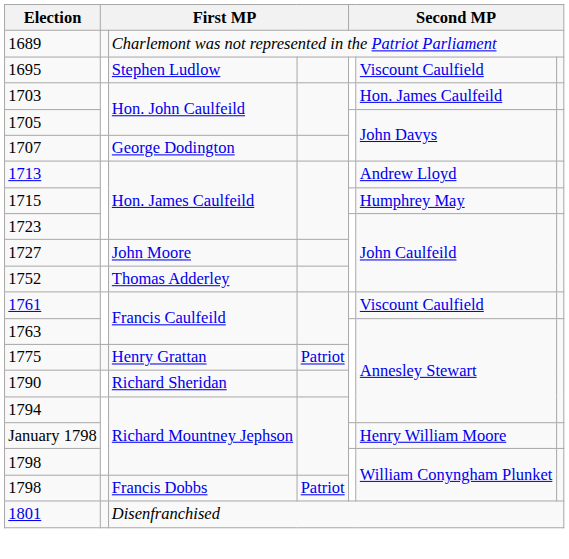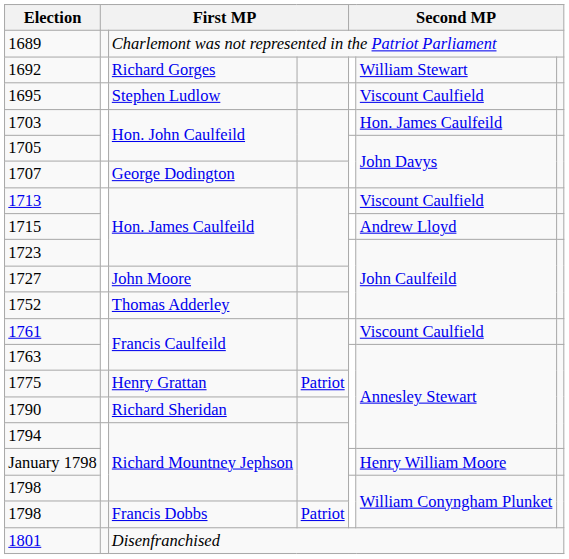 <table class="wikitable">
 <tr>
 <th>Election</th>
 <th colspan=3>First MP</th>
 <th colspan=3>Second MP</th>
 </tr>
 <tr>
 <td>1689</td>
 <td></td>
 <td colspan="5"><em>Charlemont was not represented in the <a href='#'>Patriot Parliament</a></em></td>
+</tr>
+<tr>
+<td>1692</td>
+<td style="background-color: white"></td>
+<td><a href='#'>Richard Gorges</a></td>
+<td></td>
+<td style="background-color: white"></td>
+<td><a href='#'>William Stewart</a></td>
+<td></td>
 </tr>
 <tr>
 <td>1695</td>
 <td style="background-color: white"></td>
 <td><a href='#'>Stephen Ludlow</a></td>
 <td></td>
 <td style="background-color: white"></td>
 <td><a href='#'>Viscount Caulfield</a></td>
 <td></td>
 </tr>
 <tr>
 <td>1703</td>
 <td rowspan="2" style="background-color: white"></td>
 <td rowspan="2"><a href='#'>Hon. John Caulfeild</a></td>
 <td rowspan="2"></td>
 <td style="background-color: white"></td>
 <td><a href='#'>Hon. James Caulfeild</a></td>
 <td></td>
 </tr>
 <tr>
 <td>1705</td>
 <td rowspan="2" style="background-color: white"></td>
 <td rowspan="2"><a href='#'>John Davys</a></td>
 <td rowspan="2"></td>
 </tr>
 <tr>
 <td>1707</td>
 <td style="background-color: white"></td>
 <td><a href='#'>George Dodington</a></td>
 <td></td>
 </tr>
 <tr>
 <td><a href='#'>1713</a></td>
 <td rowspan="3" style="background-color: white"></td>
 <td rowspan="3"><a href='#'>Hon. James Caulfeild</a></td>
 <td rowspan="3"></td>
 <td style="background-color: white"></td>
-<td><a href='#'>Andrew Lloyd</a></td>
+<td><a href='#'>Viscount Caulfield</a></td>
 <td></td>
 </tr>
 <tr>
 <td>1715</td>
 <td style="background-color: white"></td>
-<td><a href='#'>Humphrey May</a></td>
+<td><a href='#'>Andrew Lloyd</a></td>
 <td></td>
 </tr>
 <tr>
 <td>1723</td>
 <td rowspan="3" style="background-color: white"></td>
 <td rowspan="3"><a href='#'>John Caulfeild</a></td>
 <td rowspan="3"></td>
 </tr>
 <tr>
 <td>1727</td>
 <td style="background-color: white"></td>
 <td><a href='#'>John Moore</a></td>
 <td></td>
 </tr>
 <tr>
 <td>1752</td>
 <td style="background-color: white"></td>
 <td><a href='#'>Thomas Adderley</a></td>
 <td></td>
 </tr>
 <tr>
 <td><a href='#'>1761</a></td>
 <td rowspan="2" style="background-color: white"></td>
 <td rowspan="2"><a href='#'>Francis Caulfeild</a></td>
 <td rowspan="2"></td>
 <td style="background-color: white"></td>
 <td><a href='#'>Viscount Caulfield</a></td>
 <td></td>
 </tr>
 <tr>
 <td>1763</td>
 <td rowspan="4" style="background-color: white"></td>
 <td rowspan="4"><a href='#'>Annesley Stewart</a></td>
 <td rowspan="4"></td>
 </tr>
 <tr>
 <td>1775</td>
 <td style="background-color: "></td>
 <td><a href='#'>Henry Grattan</a></td>
 <td><a href='#'>Patriot</a></td>
 </tr>
 <tr>
 <td>1790</td>
 <td style="background-color: white"></td>
 <td><a href='#'>Richard Sheridan</a></td>
 <td></td>
 </tr>
 <tr>
 <td>1794</td>
 <td rowspan="3" style="background-color: white"></td>
 <td rowspan="3"><a href='#'>Richard Mountney Jephson</a></td>
 <td rowspan="3"></td>
 </tr>
 <tr>
 <td>January 1798</td>
 <td style="background-color: white"></td>
 <td><a href='#'>Henry William Moore</a></td>
 <td></td>
 </tr>
 <tr>
 <td>1798</td>
 <td rowspan="2" style="background-color: white"></td>
 <td rowspan="2"><a href='#'>William Conyngham Plunket</a></td>
 <td rowspan="2"></td>
 </tr>
 <tr>
 <td>1798</td>
 <td style="background-color: "></td>
 <td><a href='#'>Francis Dobbs</a></td>
 <td><a href='#'>Patriot</a></td>
 </tr>
 <tr>
 <td><a href='#'>1801</a></td>
 <td></td>
 <td colspan="5"><em>Disenfranchised</em></td>
 </tr>
 </table>
